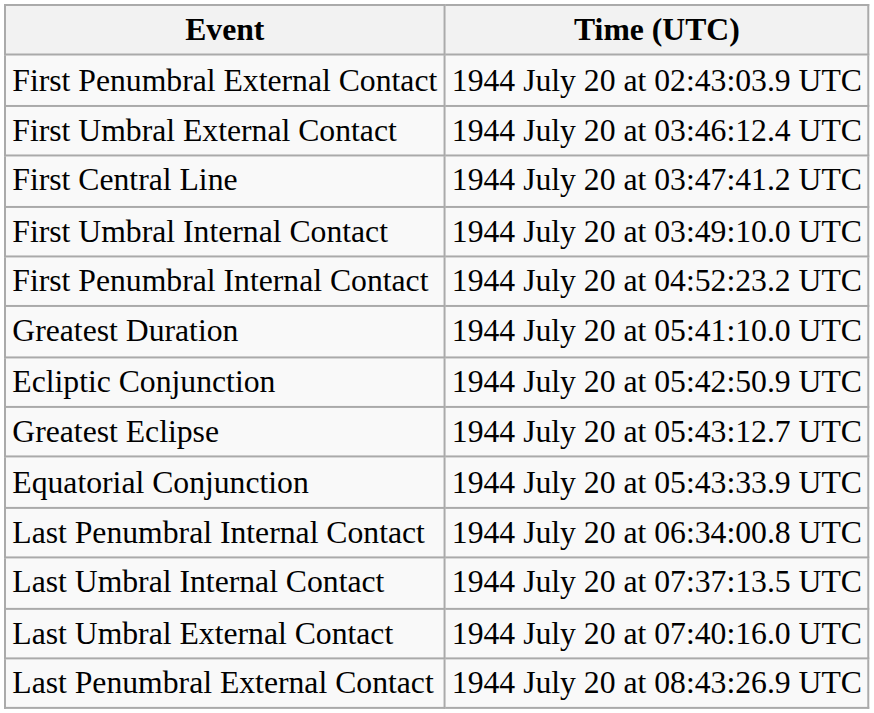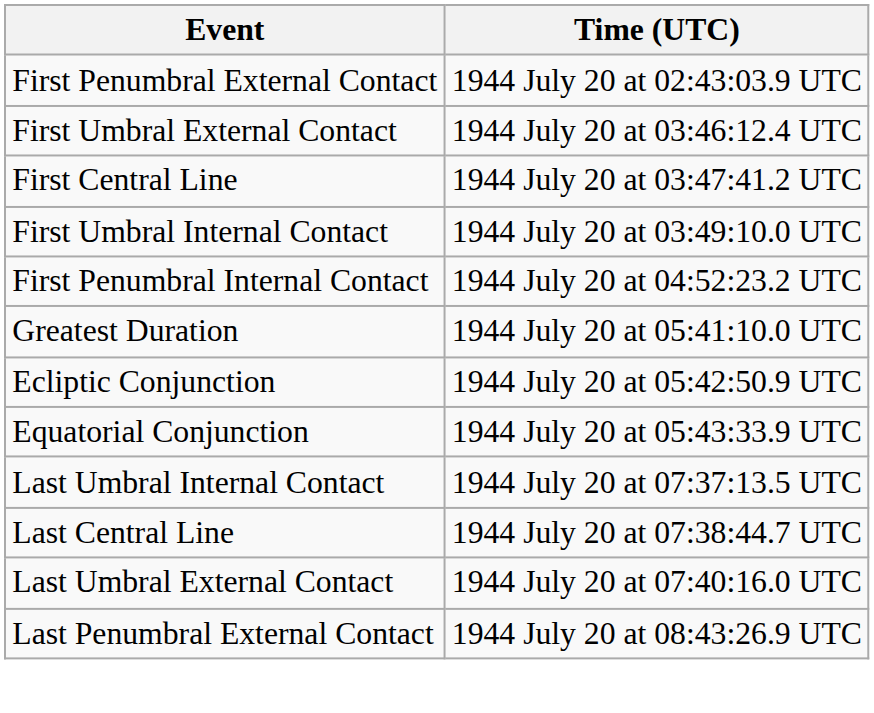 <table class="wikitable">
 <tr>
 <th>Event</th>
 <th>Time (UTC)</th>
 </tr>
 <tr>
 <td>First Penumbral External Contact</td>
 <td>1944 July 20 at 02:43:03.9 UTC</td>
 </tr>
 <tr>
 <td>First Umbral External Contact</td>
 <td>1944 July 20 at 03:46:12.4 UTC</td>
 </tr>
 <tr>
 <td>First Central Line</td>
 <td>1944 July 20 at 03:47:41.2 UTC</td>
 </tr>
 <tr>
 <td>First Umbral Internal Contact</td>
 <td>1944 July 20 at 03:49:10.0 UTC</td>
 </tr>
 <tr>
 <td>First Penumbral Internal Contact</td>
 <td>1944 July 20 at 04:52:23.2 UTC</td>
 </tr>
 <tr>
 <td>Greatest Duration</td>
 <td>1944 July 20 at 05:41:10.0 UTC</td>
 </tr>
 <tr>
 <td>Ecliptic Conjunction</td>
 <td>1944 July 20 at 05:42:50.9 UTC</td>
 </tr>
 <tr>
-<td>Greatest Eclipse</td>
-<td>1944 July 20 at 05:43:12.7 UTC</td>
-</tr>
-<tr>
 <td>Equatorial Conjunction</td>
 <td>1944 July 20 at 05:43:33.9 UTC</td>
 </tr>
 <tr>
-<td>Last Penumbral Internal Contact</td>
-<td>1944 July 20 at 06:34:00.8 UTC</td>
+<td>Last Umbral Internal Contact</td>
+<td>1944 July 20 at 07:37:13.5 UTC</td>
 </tr>
 <tr>
-<td>Last Umbral Internal Contact</td>
-<td>1944 July 20 at 07:37:13.5 UTC</td>
+<td>Last Central Line</td>
+<td>1944 July 20 at 07:38:44.7 UTC</td>
 </tr>
 <tr>
 <td>Last Umbral External Contact</td>
 <td>1944 July 20 at 07:40:16.0 UTC</td>
 </tr>
 <tr>
 <td>Last Penumbral External Contact</td>
 <td>1944 July 20 at 08:43:26.9 UTC</td>
 </tr>
 </table>
